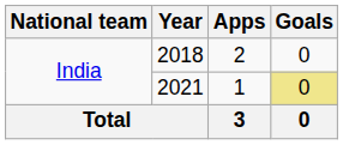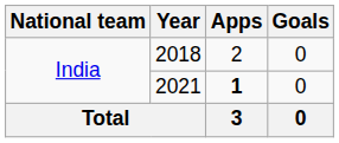 <table class="wikitable" style="text-align: center;">
 <tr>
 <th>National team</th>
 <th>Year</th>
 <th>Apps</th>
 <th>Goals</th>
 </tr>
 <tr>
 <td rowspan="2"><a href='#'>India</a></td>
 <td>2018</td>
 <td>2</td>
 <td>0</td>
 </tr>
 <tr>
 <td>2021</td>
-<td>1</td>
-<td style="background: khaki;">0</td>
+<td><strong>1</strong></td>
+<td>0</td>
 </tr>
 <tr>
 <th colspan="2">Total</th>
 <th>3</th>
 <th>0</th>
 </tr>
 </table>
